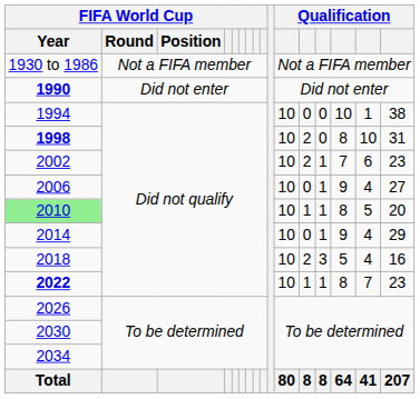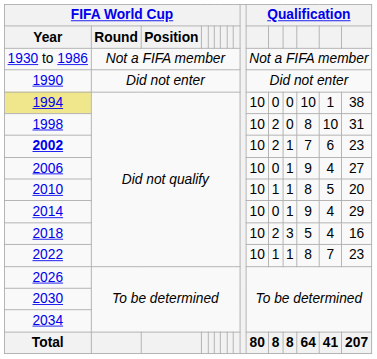 <table class="wikitable" style="text-align: center">
 <tr>
 <th colspan=9><a href='#'>FIFA World Cup</a></th>
 <th rowspan=40></th>
 <th colspan=7><a href='#'>Qualification</a></th>
 </tr>
 <tr>
 <th>Year</th>
 <th>Round</th>
 <th>Position</th>
 <th></th>
 <th></th>
 <th></th>
 <th></th>
 <th></th>
 <th></th>
 <th></th>
 <th></th>
 <th></th>
 <th></th>
 <th></th>
 <th></th>
 </tr>
 <tr>
 <td> <a href='#'>1930</a> to  <a href='#'>1986</a></td>
 <td colspan=8><em>Not a FIFA member</em></td>
 <td colspan=6><em>Not a FIFA member</em></td>
 </tr>
 <tr>
-<td><strong> <a href='#'>1990</a></strong></td>
+<td> <a href='#'>1990</a></td>
 <td colspan=8><em>Did not enter</em></td>
 <td colspan=6><em>Did not enter</em></td>
 </tr>
 <tr>
-<td> <a href='#'>1994</a></td>
+<td style="background: khaki;"> <a href='#'>1994</a></td>
 <td colspan=8 rowspan=8><em>Did not qualify</em></td>
 <td>10</td>
 <td>0</td>
 <td>0</td>
 <td>10</td>
 <td>1</td>
 <td>38</td>
 </tr>
 <tr>
-<td><strong> <a href='#'>1998</a></strong></td>
+<td> <a href='#'>1998</a></td>
 <td>10</td>
 <td>2</td>
 <td>0</td>
 <td>8</td>
 <td>10</td>
 <td>31</td>
 </tr>
 <tr>
-<td>  <a href='#'>2002</a></td>
+<td><strong>  <a href='#'>2002</a></strong></td>
 <td>10</td>
 <td>2</td>
 <td>1</td>
 <td>7</td>
 <td>6</td>
 <td>23</td>
 </tr>
 <tr>
 <td> <a href='#'>2006</a></td>
 <td>10</td>
 <td>0</td>
 <td>1</td>
 <td>9</td>
 <td>4</td>
 <td>27</td>
 </tr>
 <tr>
-<td style="background: lightgreen;"> <a href='#'>2010</a></td>
+<td> <a href='#'>2010</a></td>
 <td>10</td>
 <td>1</td>
 <td>1</td>
 <td>8</td>
 <td>5</td>
 <td>20</td>
 </tr>
 <tr>
 <td> <a href='#'>2014</a></td>
 <td>10</td>
 <td>0</td>
 <td>1</td>
 <td>9</td>
 <td>4</td>
 <td>29</td>
 </tr>
 <tr>
 <td> <a href='#'>2018</a></td>
 <td>10</td>
 <td>2</td>
 <td>3</td>
 <td>5</td>
 <td>4</td>
 <td>16</td>
 </tr>
 <tr>
-<td><strong> <a href='#'>2022</a></strong></td>
+<td> <a href='#'>2022</a></td>
 <td>10</td>
 <td>1</td>
 <td>1</td>
 <td>8</td>
 <td>7</td>
 <td>23</td>
 </tr>
 <tr>
 <td>   <a href='#'>2026</a></td>
 <td colspan=8 rowspan=3><em>To be determined</em></td>
 <td colspan=6 rowspan=3><em>To be determined</em></td>
 </tr>
 <tr>
 <td>   <a href='#'>2030</a></td>
 </tr>
 <tr>
 <td> <a href='#'>2034</a></td>
 </tr>
 <tr>
 <th>Total</th>
 <th></th>
 <th></th>
 <th></th>
 <th></th>
 <th></th>
 <th></th>
 <th></th>
 <th></th>
 <th>80</th>
 <th>8</th>
 <th>8</th>
 <th>64</th>
 <th>41</th>
 <th>207</th>
 </tr>
 </table>
